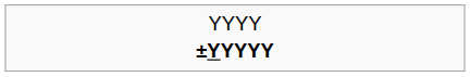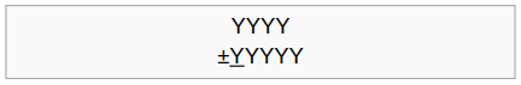 <table class="infobox" style="text-align:center; width:23em">
 <tr>
 <td>YYYY</td>
 </tr>
 <tr>
-<td><strong>±<u>Y</u>YYYY</strong></td>
+<td>±<u>Y</u>YYYY</td>
 </tr>
 </table>
